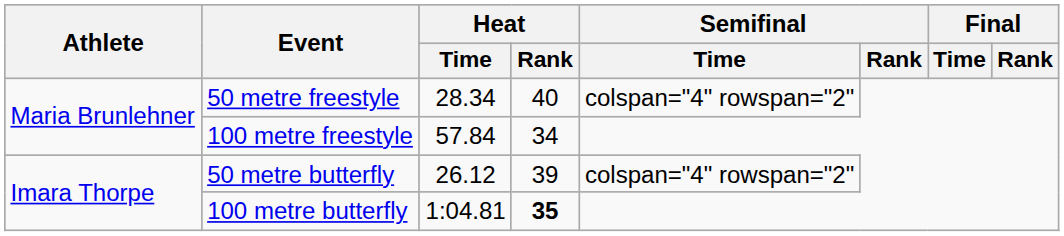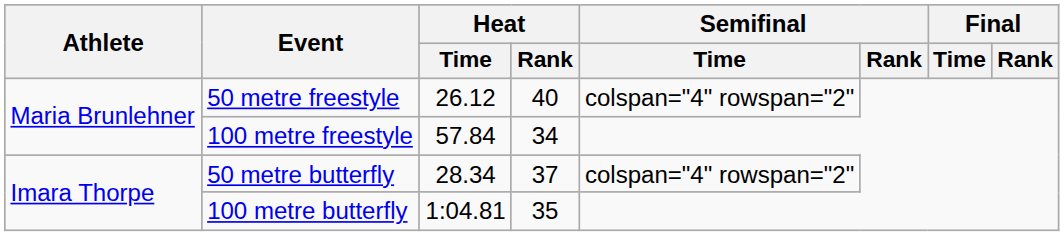 <table class="wikitable" style="text-align:center; font-size:90%; width:50%;">
 <tr>
 <th rowspan="2">Athlete</th>
 <th rowspan="2">Event</th>
 <th colspan="2">Heat</th>
 <th colspan="2">Semifinal</th>
 <th colspan="2">Final</th>
 </tr>
 <tr style="font-size:95%">
 <th>Time</th>
 <th>Rank</th>
 <th>Time</th>
 <th>Rank</th>
 <th>Time</th>
 <th>Rank</th>
 </tr>
 <tr align=center>
 <td align=left rowspan="2"><a href='#'>Maria Brunlehner</a></td>
 <td align=left><a href='#'>50 metre freestyle</a></td>
-<td>28.34</td>
+<td>26.12</td>
 <td>40</td>
 <td>colspan="4" rowspan="2" </td>
 </tr>
 <tr align=center>
 <td align=left><a href='#'>100 metre freestyle</a></td>
 <td>57.84</td>
 <td>34</td>
 </tr>
 <tr align=center>
 <td align=left rowspan="2"><a href='#'>Imara Thorpe</a></td>
 <td align=left><a href='#'>50 metre butterfly</a></td>
-<td>26.12</td>
-<td>39</td>
+<td>28.34</td>
+<td>37</td>
 <td>colspan="4" rowspan="2" </td>
 </tr>
 <tr align=center>
 <td align=left><a href='#'>100 metre butterfly</a></td>
 <td>1:04.81</td>
-<td><strong>35</strong></td>
+<td>35</td>
 </tr>
 </table>
